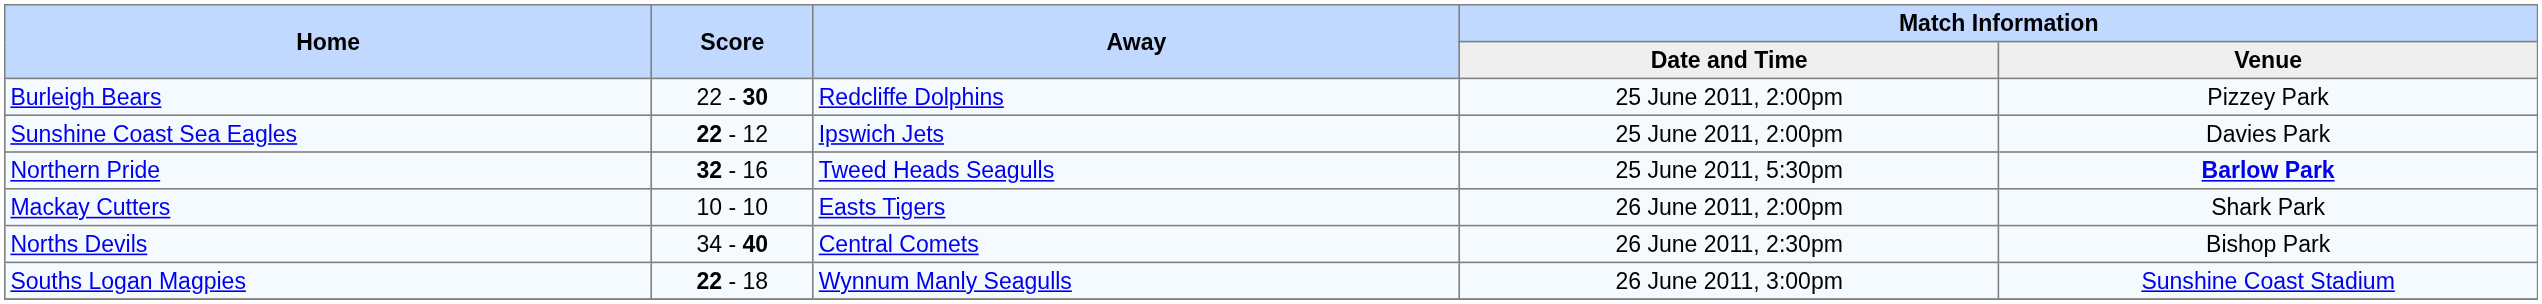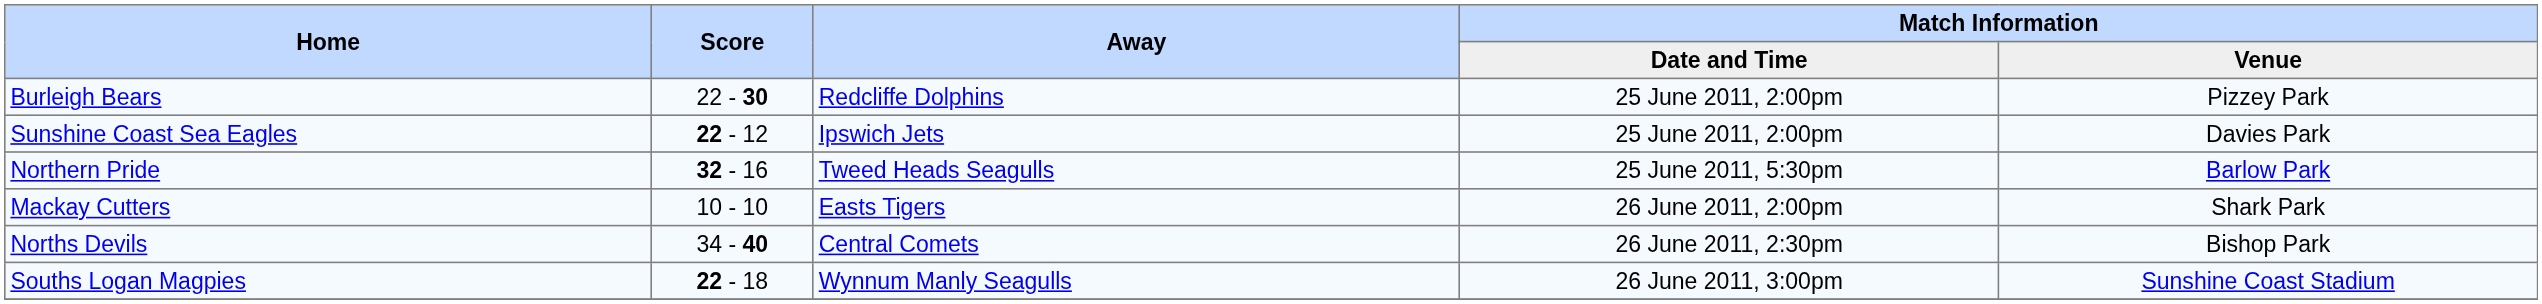 <table border=1 style="border-collapse:collapse; font-size:90%; text-align:center;" cellpadding=3 cellspacing=0>
 <tr bgcolor=#C1D8FF>
 <th rowspan=2 width=12%>Home</th>
 <th rowspan=2 width=3%>Score</th>
 <th rowspan=2 width=12%>Away</th>
 <th colspan=5>Match Information</th>
 </tr>
 <tr bgcolor=#EFEFEF>
 <th width=10%>Date and Time</th>
 <th width=10%>Venue</th>
 </tr>
 <tr bgcolor=#F5FAFF>
 <td align=left> <a href='#'>Burleigh Bears</a></td>
 <td>22 - <strong>30</strong></td>
 <td align=left> <a href='#'>Redcliffe Dolphins</a></td>
 <td>25 June 2011, 2:00pm</td>
 <td>Pizzey Park</td>
 </tr>
 <tr bgcolor=#F5FAFF>
 <td align=left> <a href='#'>Sunshine Coast Sea Eagles</a></td>
 <td><strong>22</strong> - 12</td>
 <td align=left> <a href='#'>Ipswich Jets</a></td>
 <td>25 June 2011, 2:00pm</td>
 <td>Davies Park</td>
 </tr>
 <tr bgcolor=#F5FAFF>
 <td align=left> <a href='#'>Northern Pride</a></td>
 <td><strong>32</strong> - 16</td>
 <td align=left> <a href='#'>Tweed Heads Seagulls</a></td>
 <td>25 June 2011, 5:30pm</td>
-<td><strong><a href='#'>Barlow Park</a></strong></td>
+<td><a href='#'>Barlow Park</a></td>
 </tr>
 <tr bgcolor=#F5FAFF>
 <td align=left> <a href='#'>Mackay Cutters</a></td>
 <td>10 - 10</td>
 <td align=left> <a href='#'>Easts Tigers</a></td>
 <td>26 June 2011, 2:00pm</td>
 <td>Shark Park</td>
 </tr>
 <tr bgcolor=#F5FAFF>
 <td align=left> <a href='#'>Norths Devils</a></td>
 <td>34 - <strong>40</strong></td>
 <td align=left> <a href='#'>Central Comets</a></td>
 <td>26 June 2011, 2:30pm</td>
 <td>Bishop Park</td>
 </tr>
 <tr bgcolor=#F5FAFF>
 <td align=left> <a href='#'>Souths Logan Magpies</a></td>
 <td><strong>22</strong> - 18</td>
 <td align=left> <a href='#'>Wynnum Manly Seagulls</a></td>
 <td>26 June 2011, 3:00pm</td>
 <td><a href='#'>Sunshine Coast Stadium</a></td>
 </tr>
 <tr>
 </tr>
 </table>
